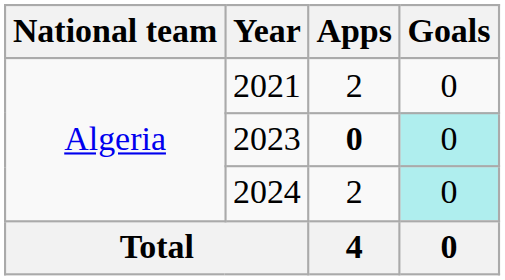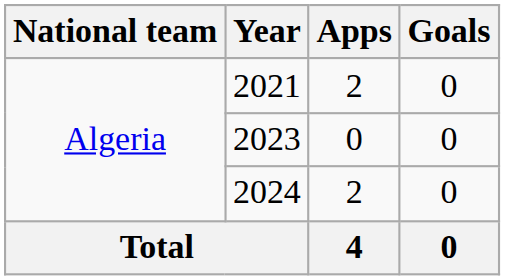 <table class="wikitable" style="text-align:center">
 <tr>
 <th>National team</th>
 <th>Year</th>
 <th>Apps</th>
 <th>Goals</th>
 </tr>
 <tr>
 <td rowspan="3"><a href='#'>Algeria</a></td>
 <td>2021</td>
 <td>2</td>
 <td>0</td>
 </tr>
 <tr>
 <td>2023</td>
-<td><strong>0</strong></td>
-<td style="background: paleturquoise;">0</td>
+<td>0</td>
+<td>0</td>
 </tr>
 <tr>
 <td>2024</td>
 <td>2</td>
-<td style="background: paleturquoise;">0</td>
+<td>0</td>
 </tr>
 <tr>
 <th colspan="2">Total</th>
 <th>4</th>
 <th>0</th>
 </tr>
 </table>
